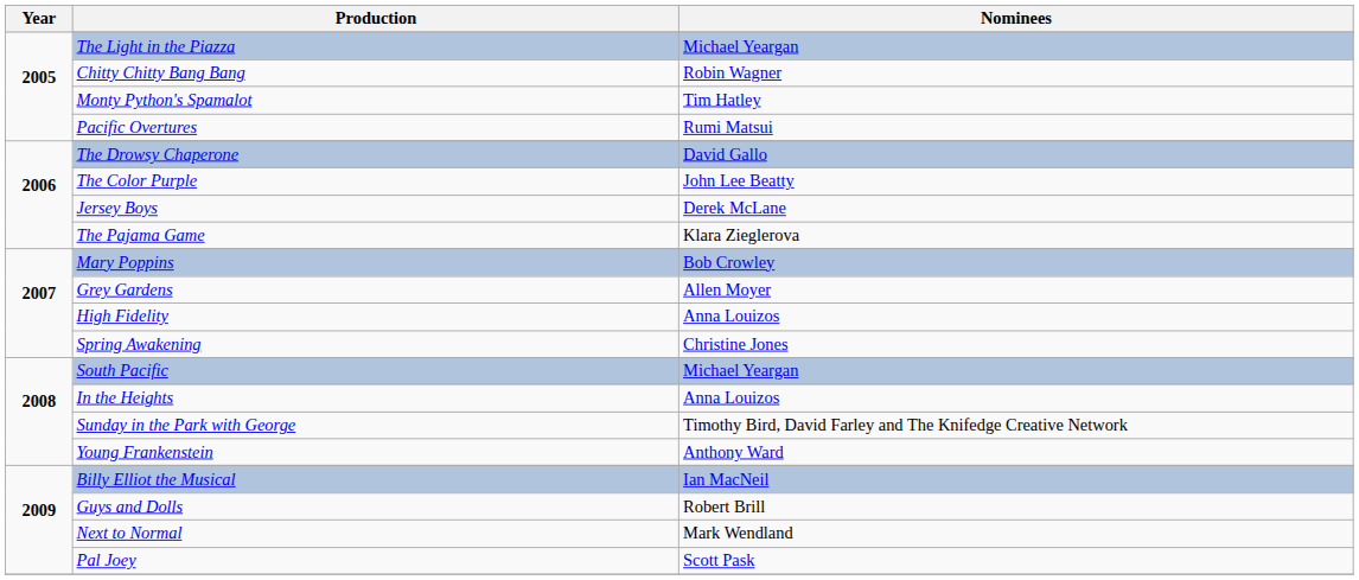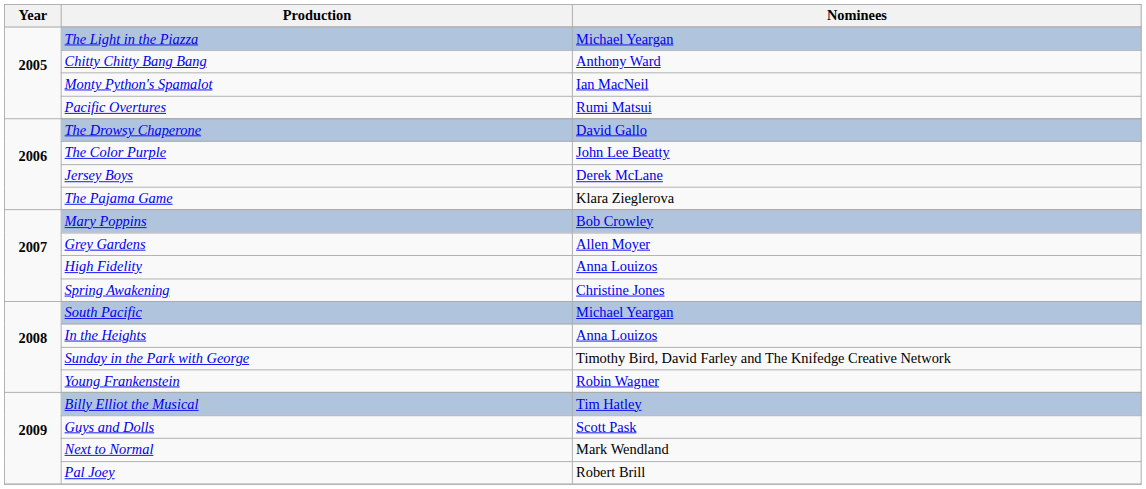 <table class="wikitable" style="width:100%;">
 <tr style="background:#bebebe;">
 <th style="width:5%;">Year</th>
 <th style="width:45%;”">Production</th>
 <th style="width:50%;”">Nominees</th>
 </tr>
 <tr>
 <td rowspan="5" align="center"><strong>2005</strong><br><br></td>
 </tr>
 <tr style="background:#B0C4DE">
 <td><em><a href='#'>The Light in the Piazza</a></em></td>
 <td><a href='#'>Michael Yeargan</a></td>
 </tr>
 <tr>
 <td><em><a href='#'>Chitty Chitty Bang Bang</a></em></td>
-<td><a href='#'>Robin Wagner</a></td>
+<td><a href='#'>Anthony Ward</a></td>
 </tr>
 <tr>
 <td><em><a href='#'>Monty Python's Spamalot</a></em></td>
-<td><a href='#'>Tim Hatley</a></td>
+<td><a href='#'>Ian MacNeil</a></td>
 </tr>
 <tr>
 <td><em><a href='#'>Pacific Overtures</a></em></td>
 <td><a href='#'>Rumi Matsui</a></td>
 </tr>
 <tr>
 <td rowspan="5" align="center"><strong>2006</strong><br><br></td>
 </tr>
 <tr style="background:#B0C4DE">
 <td><em><a href='#'>The Drowsy Chaperone</a></em></td>
 <td><a href='#'>David Gallo</a></td>
 </tr>
 <tr>
 <td><em><a href='#'>The Color Purple</a></em></td>
 <td><a href='#'>John Lee Beatty</a></td>
 </tr>
 <tr>
 <td><em><a href='#'>Jersey Boys</a></em></td>
 <td><a href='#'>Derek McLane</a></td>
 </tr>
 <tr>
 <td><em><a href='#'>The Pajama Game</a></em></td>
 <td>Klara Zieglerova</td>
 </tr>
 <tr>
 <td rowspan="5" align="center"><strong>2007</strong><br><br></td>
 </tr>
 <tr style="background:#B0C4DE">
 <td><em><a href='#'>Mary Poppins</a></em></td>
 <td><a href='#'>Bob Crowley</a></td>
 </tr>
 <tr>
 <td><em><a href='#'>Grey Gardens</a></em></td>
 <td><a href='#'>Allen Moyer</a></td>
 </tr>
 <tr>
 <td><em><a href='#'>High Fidelity</a></em></td>
 <td><a href='#'>Anna Louizos</a></td>
 </tr>
 <tr>
 <td><em><a href='#'>Spring Awakening</a></em></td>
 <td><a href='#'>Christine Jones</a></td>
 </tr>
 <tr>
 <td rowspan="5" align="center"><strong>2008</strong><br><br></td>
 </tr>
 <tr style="background:#B0C4DE">
 <td><em><a href='#'>South Pacific</a></em></td>
 <td><a href='#'>Michael Yeargan</a></td>
 </tr>
 <tr>
 <td><em><a href='#'>In the Heights</a></em></td>
 <td><a href='#'>Anna Louizos</a></td>
 </tr>
 <tr>
 <td><em><a href='#'>Sunday in the Park with George</a></em></td>
 <td>Timothy Bird, David Farley and The Knifedge Creative Network</td>
 </tr>
 <tr>
 <td><em><a href='#'>Young Frankenstein</a></em></td>
-<td><a href='#'>Anthony Ward</a></td>
+<td><a href='#'>Robin Wagner</a></td>
 </tr>
 <tr>
 <td rowspan="5" align="center"><strong>2009</strong><br><br></td>
 </tr>
 <tr style="background:#B0C4DE">
 <td><em><a href='#'>Billy Elliot the Musical</a></em></td>
-<td><a href='#'>Ian MacNeil</a></td>
+<td><a href='#'>Tim Hatley</a></td>
 </tr>
 <tr>
 <td><em><a href='#'>Guys and Dolls</a></em></td>
-<td>Robert Brill</td>
+<td><a href='#'>Scott Pask</a></td>
 </tr>
 <tr>
 <td><em><a href='#'>Next to Normal</a></em></td>
 <td>Mark Wendland</td>
 </tr>
 <tr>
 <td><em><a href='#'>Pal Joey</a></em></td>
-<td><a href='#'>Scott Pask</a></td>
+<td>Robert Brill</td>
 </tr>
 <tr>
 </tr>
 </table>
